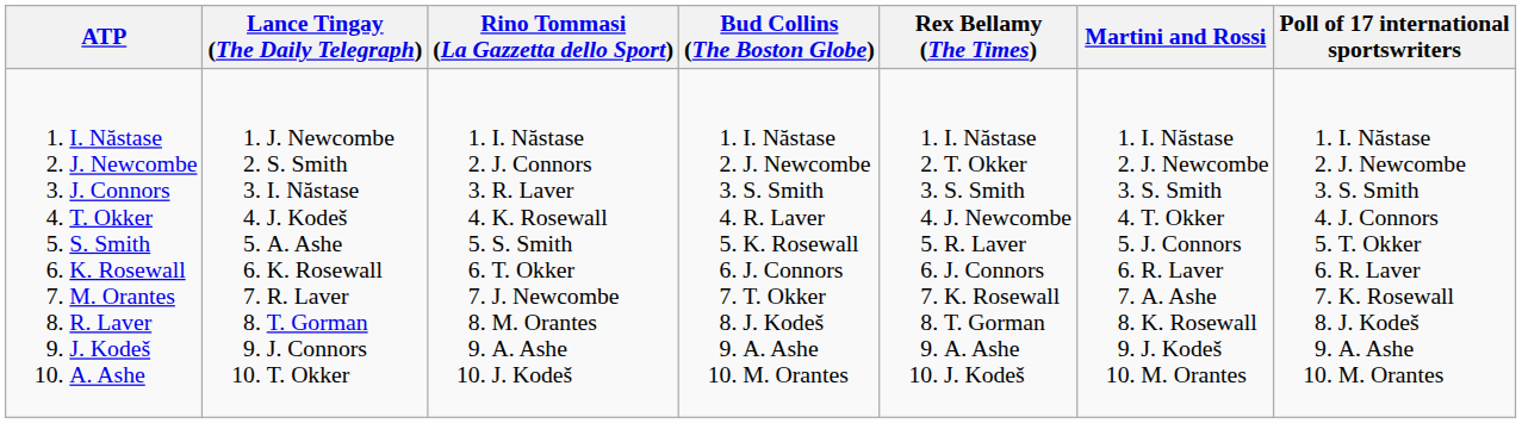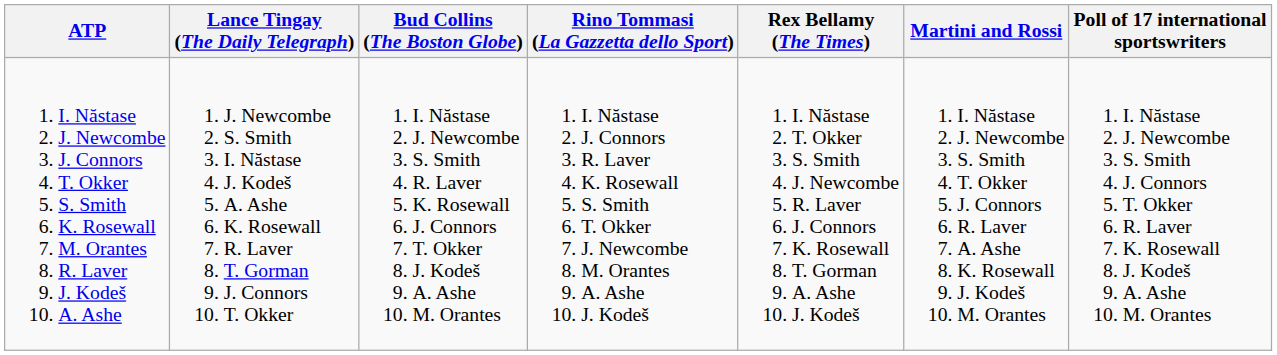 <table class="wikitable">
 <tr>
 <th><a href='#'>ATP</a></th>
 <th><a href='#'>Lance Tingay</a><br>(<em><a href='#'>The Daily Telegraph</a></em>)</th>
+<th><a href='#'>Bud Collins</a><br>(<em><a href='#'>The Boston Globe</a></em>)</th>
 <th><a href='#'>Rino Tommasi</a><br>(<em><a href='#'>La Gazzetta dello Sport</a></em>)</th>
-<th><a href='#'>Bud Collins</a><br>(<em><a href='#'>The Boston Globe</a></em>)</th>
 <th>Rex Bellamy<br>(<em><a href='#'>The Times</a></em>)</th>
 <th><a href='#'>Martini and Rossi</a></th>
 <th>Poll of 17 international<br>sportswriters</th>
 </tr>
 <tr style="vertical-align: top;">
 <td style="white-space: nowrap;"><br><ol><li> <a href='#'>I. Năstase</a></li><li> <a href='#'>J. Newcombe</a></li><li> <a href='#'>J. Connors</a></li><li> <a href='#'>T. Okker</a></li><li> <a href='#'>S. Smith</a></li><li> <a href='#'>K. Rosewall</a></li><li> <a href='#'>M. Orantes</a></li><li> <a href='#'>R. Laver</a></li><li> <a href='#'>J. Kodeš</a></li><li> <a href='#'>A. Ashe</a></li></ol></td>
 <td style="white-space: nowrap;"><br><ol><li> J. Newcombe</li><li> S. Smith</li><li> I. Năstase</li><li> J. Kodeš</li><li> A. Ashe</li><li> K. Rosewall</li><li> R. Laver</li><li> <a href='#'>T. Gorman</a></li><li> J. Connors</li><li> T. Okker</li></ol></td>
+<td style="white-space: nowrap;"><br><ol><li> I. Năstase</li><li> J. Newcombe</li><li> S. Smith</li><li> R. Laver</li><li> K. Rosewall</li><li> J. Connors</li><li> T. Okker</li><li> J. Kodeš</li><li> A. Ashe</li><li> M. Orantes</li></ol></td>
 <td style="white-space: nowrap;"><br><ol><li> I. Năstase</li><li> J. Connors</li><li> R. Laver</li><li> K. Rosewall</li><li> S. Smith</li><li> T. Okker</li><li> J. Newcombe</li><li> M. Orantes</li><li> A. Ashe</li><li> J. Kodeš</li></ol></td>
-<td style="white-space: nowrap;"><br><ol><li> I. Năstase</li><li> J. Newcombe</li><li> S. Smith</li><li> R. Laver</li><li> K. Rosewall</li><li> J. Connors</li><li> T. Okker</li><li> J. Kodeš</li><li> A. Ashe</li><li> M. Orantes</li></ol></td>
 <td style="white-space: nowrap;"><br><ol><li> I. Năstase</li><li> T. Okker</li><li> S. Smith</li><li> J. Newcombe</li><li> R. Laver</li><li> J. Connors</li><li> K. Rosewall</li><li> T. Gorman</li><li> A. Ashe</li><li> J. Kodeš</li></ol></td>
 <td style="white-space: nowrap;"><br><ol><li> I. Năstase</li><li> J. Newcombe</li><li> S. Smith</li><li> T. Okker</li><li> J. Connors</li><li> R. Laver</li><li> A. Ashe</li><li> K. Rosewall</li><li> J. Kodeš</li><li> M. Orantes</li></ol></td>
 <td style="white-space: nowrap;"><br><ol><li> I. Năstase</li><li> J. Newcombe</li><li> S. Smith</li><li> J. Connors</li><li> T. Okker</li><li> R. Laver</li><li> K. Rosewall</li><li> J. Kodeš</li><li> A. Ashe</li><li> M. Orantes</li></ol></td>
 </tr>
 </table>
